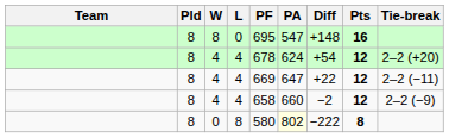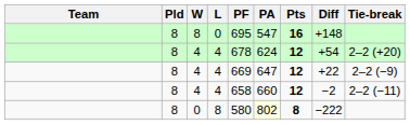 <table class=wikitable style="text-align:center">
 <tr>
 <th width=200>Team</th>
 <th width=20>Pld</th>
 <th width=20>W</th>
 <th width=20>L</th>
 <th width=20>PF</th>
 <th width=20>PA</th>
+<th width=35>Pts</th>
 <th width=35>Diff</th>
-<th width=35>Pts</th>
 <th>Tie-break</th>
 </tr>
 <tr style="background:#cfc;">
 <td style="text-align:left"></td>
 <td>8</td>
 <td>8</td>
 <td>0</td>
 <td>695</td>
 <td>547</td>
+<td><strong>16</strong></td>
 <td>+148</td>
-<td><strong>16</strong></td>
 <td></td>
 </tr>
 <tr style="background:#cfc;">
 <td style="text-align:left"></td>
 <td>8</td>
 <td>4</td>
 <td>4</td>
 <td>678</td>
 <td>624</td>
+<td><strong>12</strong></td>
 <td>+54</td>
-<td><strong>12</strong></td>
 <td>2–2 (+20)</td>
 </tr>
 <tr>
 <td style="text-align:left"></td>
 <td>8</td>
 <td>4</td>
 <td>4</td>
 <td>669</td>
 <td>647</td>
+<td><strong>12</strong></td>
 <td>+22</td>
-<td><strong>12</strong></td>
-<td>2–2 (−11)</td>
+<td>2–2 (−9)</td>
 </tr>
 <tr>
 <td style="text-align:left"></td>
 <td>8</td>
 <td>4</td>
 <td>4</td>
 <td>658</td>
 <td>660</td>
+<td><strong>12</strong></td>
 <td>−2</td>
-<td><strong>12</strong></td>
-<td>2–2 (−9)</td>
+<td>2–2 (−11)</td>
 </tr>
 <tr>
 <td style="text-align:left"></td>
 <td>8</td>
 <td>0</td>
 <td>8</td>
 <td>580</td>
 <td style="background: lightyellow;">802</td>
+<td><strong>8</strong></td>
 <td>−222</td>
-<td><strong>8</strong></td>
 <td></td>
 </tr>
 </table>
